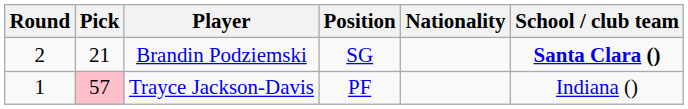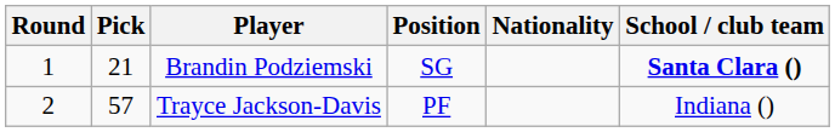 <table class="wikitable sortable sortable">
 <tr>
 <th>Round</th>
 <th>Pick</th>
 <th>Player</th>
 <th>Position</th>
 <th>Nationality</th>
 <th>School / club team</th>
 </tr>
 <tr style="text-align: center">
-<td>2</td>
+<td>1</td>
 <td>21</td>
 <td><a href='#'>Brandin Podziemski</a></td>
 <td><a href='#'>SG</a></td>
 <td></td>
 <td><strong><a href='#'>Santa Clara</a> ()</strong></td>
 </tr>
 <tr style="text-align: center">
-<td>1</td>
-<td style="background: pink;">57</td>
+<td>2</td>
+<td>57</td>
 <td><a href='#'>Trayce Jackson-Davis</a></td>
 <td><a href='#'>PF</a></td>
 <td></td>
 <td><a href='#'>Indiana</a> ()</td>
 </tr>
 </table>
